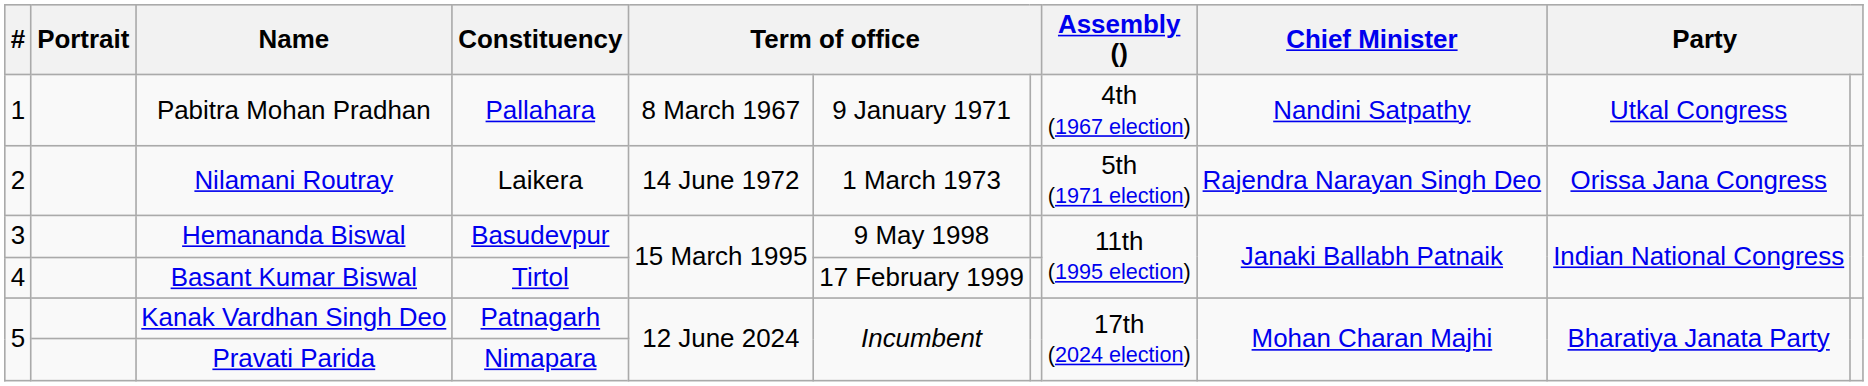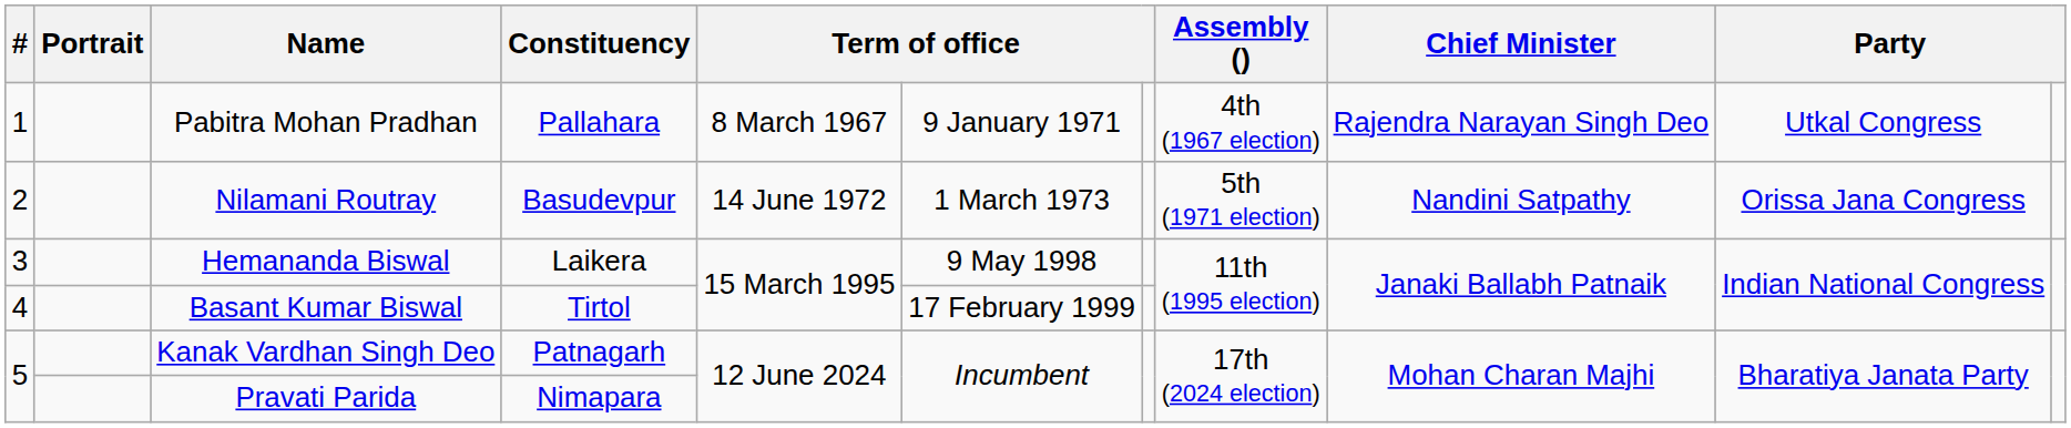 <table class="wikitable" style="text-align:center">
 <tr>
 <th>#</th>
 <th>Portrait</th>
 <th>Name</th>
 <th>Constituency</th>
 <th colspan="3">Term of office</th>
 <th><a href='#'>Assembly</a><br>()</th>
 <th><a href='#'>Chief Minister</a></th>
 <th colspan="2">Party</th>
 </tr>
 <tr>
 <td>1</td>
 <td></td>
 <td>Pabitra Mohan Pradhan</td>
 <td><a href='#'>Pallahara</a></td>
 <td>8 March 1967</td>
 <td>9 January 1971</td>
 <td></td>
 <td>4th<br><small>(<a href='#'>1967 election</a>)</small></td>
-<td><a href='#'>Nandini Satpathy</a></td>
+<td><a href='#'>Rajendra Narayan Singh Deo</a></td>
 <td><a href='#'>Utkal Congress</a></td>
 <td style="background-color: "></td>
 </tr>
 <tr>
 <td>2</td>
 <td></td>
 <td><a href='#'>Nilamani Routray</a></td>
-<td>Laikera</td>
+<td><a href='#'>Basudevpur</a></td>
 <td>14 June 1972</td>
 <td>1 March 1973</td>
 <td></td>
 <td>5th<br><small>(<a href='#'>1971 election</a>)</small></td>
-<td><a href='#'>Rajendra Narayan Singh Deo</a></td>
+<td><a href='#'>Nandini Satpathy</a></td>
 <td><a href='#'>Orissa Jana Congress</a></td>
 <td style="background-color: "></td>
 </tr>
 <tr>
 <td>3</td>
 <td></td>
 <td><a href='#'>Hemananda Biswal</a></td>
-<td><a href='#'>Basudevpur</a></td>
+<td>Laikera</td>
 <td rowspan="2">15 March 1995</td>
 <td>9 May 1998</td>
 <td></td>
 <td rowspan="2">11th<br><small>(<a href='#'>1995 election</a>)</small></td>
 <td rowspan="2"><a href='#'>Janaki Ballabh Patnaik</a></td>
 <td rowspan="2"><a href='#'>Indian National Congress</a></td>
 <td rowspan="2" style="background-color: "></td>
 </tr>
 <tr>
 <td>4</td>
 <td></td>
 <td><a href='#'>Basant Kumar Biswal</a></td>
 <td><a href='#'>Tirtol</a></td>
 <td>17 February 1999</td>
 <td></td>
 </tr>
 <tr>
 <td rowspan=2>5</td>
 <td></td>
 <td><a href='#'>Kanak Vardhan Singh Deo</a></td>
 <td><a href='#'>Patnagarh</a></td>
 <td rowspan="2">12 June 2024</td>
 <td rowspan="2"><em>Incumbent</em></td>
 <td rowspan="2"></td>
 <td rowspan="2">17th<br><small>(<a href='#'>2024 election</a>)</small></td>
 <td rowspan="2"><a href='#'>Mohan Charan Majhi</a></td>
 <td rowspan="2"><a href='#'>Bharatiya Janata Party</a></td>
 <td rowspan="2" style="background-color: "></td>
 </tr>
 <tr>
 <td></td>
 <td><a href='#'>Pravati Parida</a></td>
 <td><a href='#'>Nimapara</a></td>
 </tr>
 </table>
